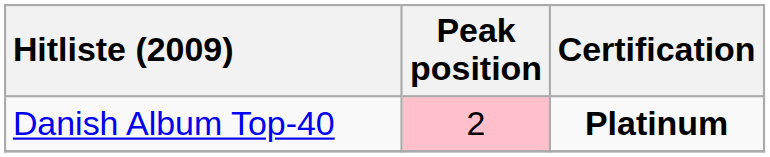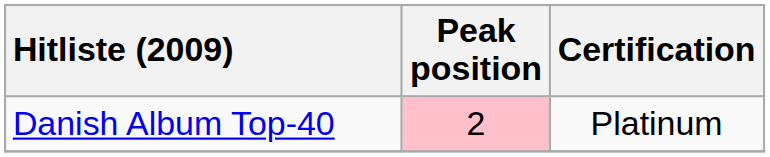 <table class="wikitable">
 <tr>
 <th style="text-align:left; width:180px;">Hitliste (2009)</th>
 <th style="text-align:center;">Peak<br>position</th>
 <th style="text-align:center;">Certification<br></th>
 </tr>
 <tr>
 <td align="left"><a href='#'>Danish Album Top-40</a></td>
 <td style="background: pink; text-align:center;">2</td>
-<td style="text-align:center;"><strong>Platinum </strong></td>
+<td style="text-align:center;">Platinum </td>
 </tr>
 <tr>
 </tr>
 </table>
